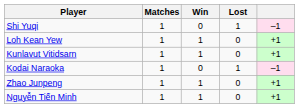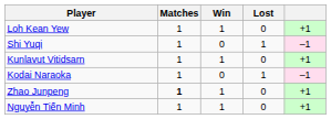 <table class=wikitable style="text-align:center; font-size:small">
 <tr>
 <th width="200">Player</th>
 <th width="50">Matches</th>
 <th width="50">Win</th>
 <th width="50">Lost</th>
 <th width="50"></th>
 </tr>
 <tr>
+<td align="left"> <a href='#'>Loh Kean Yew</a></td>
+<td>1</td>
+<td>1</td>
+<td>0</td>
+<td bgcolor="#ccffcc">+1</td>
+</tr>
+<tr>
 <td align="left"> <a href='#'>Shi Yuqi</a></td>
 <td>1</td>
 <td>0</td>
 <td>1</td>
 <td bgcolor="#ffddee">–1</td>
-</tr>
-<tr>
-<td align="left"> <a href='#'>Loh Kean Yew</a></td>
-<td>1</td>
-<td>1</td>
-<td>0</td>
-<td bgcolor="#ccffcc">+1</td>
 </tr>
 <tr>
 <td align="left"> <a href='#'>Kunlavut Vitidsarn</a></td>
 <td>1</td>
 <td>1</td>
 <td>0</td>
 <td bgcolor="#ccffcc">+1</td>
 </tr>
 <tr>
 <td align="left"> <a href='#'>Kodai Naraoka</a></td>
 <td>1</td>
 <td>0</td>
 <td>1</td>
 <td bgcolor="#ffddee">–1</td>
 </tr>
 <tr>
 <td align="left"> <a href='#'>Zhao Junpeng</a></td>
-<td>1</td>
+<td><strong>1</strong></td>
 <td>1</td>
 <td>0</td>
 <td bgcolor="#ccffcc">+1</td>
 </tr>
 <tr>
 <td align="left"> <a href='#'>Nguyễn Tiến Minh</a></td>
 <td>1</td>
 <td>1</td>
 <td>0</td>
 <td bgcolor="#ccffcc">+1</td>
 </tr>
 </table>
